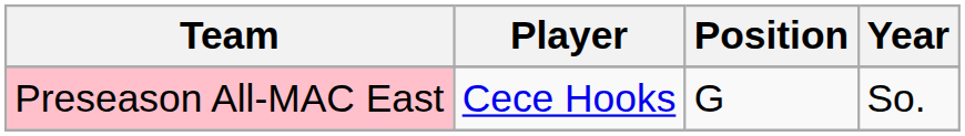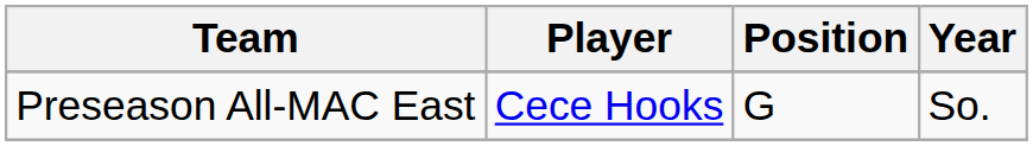 <table class="wikitable" border="1">
 <tr align=center>
 <th style= >Team</th>
 <th style= >Player</th>
 <th style= >Position</th>
 <th style= >Year</th>
 </tr>
 <tr align="center">
 </tr>
 <tr>
-<td style="background: pink;">Preseason All-MAC East</td>
+<td>Preseason All-MAC East</td>
 <td><a href='#'>Cece Hooks</a></td>
 <td>G</td>
 <td>So.</td>
 </tr>
 <tr>
 </tr>
 </table>
